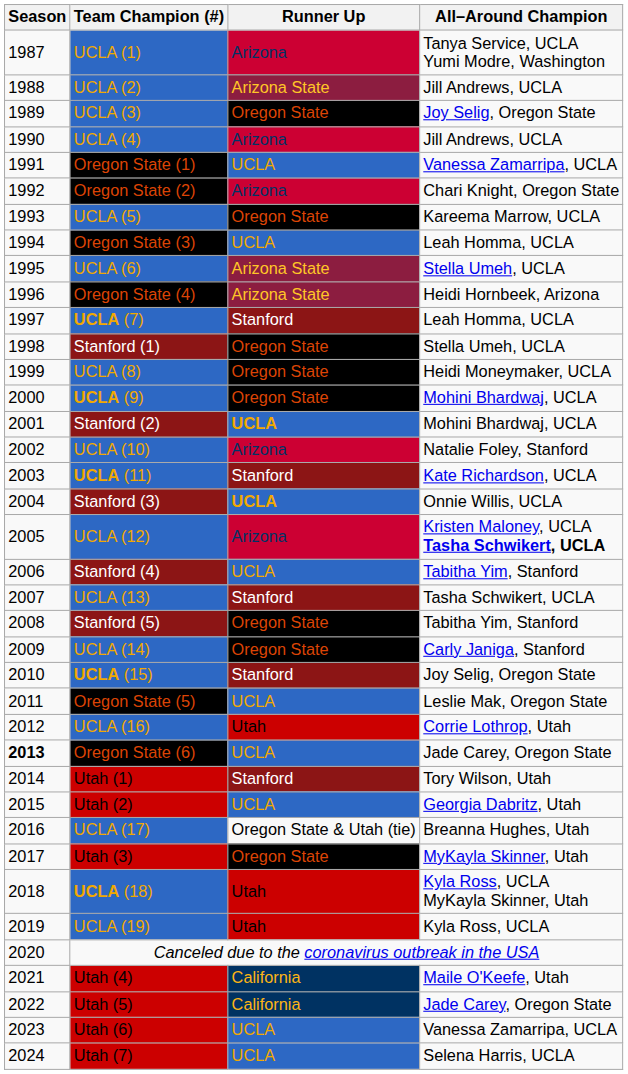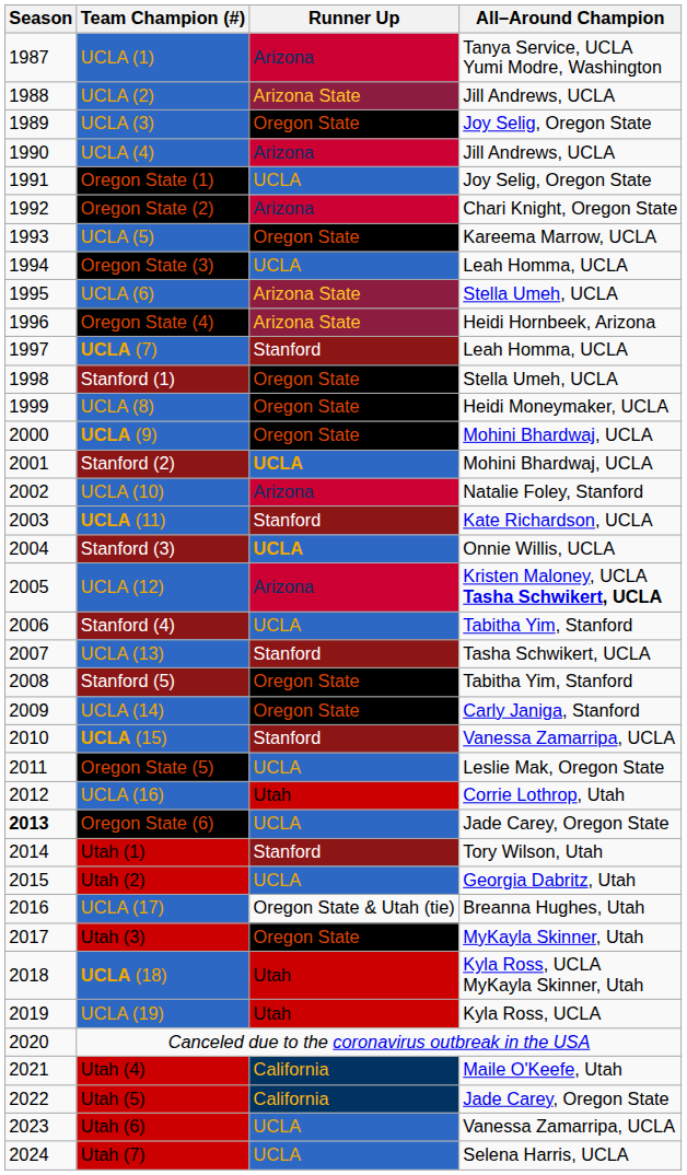 <table class="wikitable">
 <tr>
 <th>Season</th>
 <th>Team Champion (#)</th>
 <th>Runner Up</th>
 <th>All–Around Champion</th>
 </tr>
 <tr>
 <td>1987</td>
 <td style="background:#2D68C4; color:#F2A900;">UCLA (1)</td>
 <td style="background:#CC0033; color:#003366;">Arizona</td>
 <td>Tanya Service, UCLA<br>Yumi Modre, Washington</td>
 </tr>
 <tr>
 <td>1988</td>
 <td style="background:#2D68C4; color:#F2A900;">UCLA (2)</td>
 <td style="background:#8C1D40; color:#FFC627;">Arizona State</td>
 <td>Jill Andrews, UCLA</td>
 </tr>
 <tr>
 <td>1989</td>
 <td style="background:#2D68C4; color:#F2A900;">UCLA (3)</td>
 <td style="background:#000000; color:#DC4405;">Oregon State</td>
 <td><a href='#'>Joy Selig</a>, Oregon State</td>
 </tr>
 <tr>
 <td>1990</td>
 <td style="background:#2D68C4; color:#F2A900;">UCLA (4)</td>
 <td style="background:#CC0033; color:#003366;">Arizona</td>
 <td>Jill Andrews, UCLA</td>
 </tr>
 <tr>
 <td>1991</td>
 <td style="background:#000000; color:#DC4405;">Oregon State (1)</td>
 <td style="background:#2D68C4; color:#F2A900;">UCLA</td>
-<td><a href='#'>Vanessa Zamarripa</a>, UCLA</td>
+<td>Joy Selig, Oregon State</td>
 </tr>
 <tr>
 <td>1992</td>
 <td style="background:#000000; color:#DC4405;">Oregon State (2)</td>
 <td style="background:#CC0033; color:#003366;">Arizona</td>
 <td>Chari Knight, Oregon State</td>
 </tr>
 <tr>
 <td>1993</td>
 <td style="background:#2D68C4; color:#F2A900;">UCLA (5)</td>
 <td style="background:#000000; color:#DC4405;">Oregon State</td>
 <td>Kareema Marrow, UCLA</td>
 </tr>
 <tr>
 <td>1994</td>
 <td style="background:#000000; color:#DC4405;">Oregon State (3)</td>
 <td style="background:#2D68C4; color:#F2A900;">UCLA</td>
 <td>Leah Homma, UCLA</td>
 </tr>
 <tr>
 <td>1995</td>
 <td style="background:#2D68C4; color:#F2A900;">UCLA (6)</td>
 <td style="background:#8C1D40; color:#FFC627;">Arizona State</td>
 <td><a href='#'>Stella Umeh</a>, UCLA</td>
 </tr>
 <tr>
 <td>1996</td>
 <td style="background:#000000; color:#DC4405;">Oregon State (4)</td>
 <td style="background:#8C1D40; color:#FFC627;">Arizona State</td>
 <td>Heidi Hornbeek, Arizona</td>
 </tr>
 <tr>
 <td>1997</td>
 <td style="background:#2D68C4; color:#F2A900;"><strong>UCLA</strong> (7)</td>
 <td style="background:#8C1515; color:#FFFFFF;">Stanford</td>
 <td>Leah Homma, UCLA</td>
 </tr>
 <tr>
 <td>1998</td>
 <td style="background:#8C1515; color:#FFFFFF;">Stanford (1)</td>
 <td style="background:#000000; color:#DC4405;">Oregon State</td>
 <td>Stella Umeh, UCLA</td>
 </tr>
 <tr>
 <td>1999</td>
 <td style="background:#2D68C4; color:#F2A900;">UCLA (8)</td>
 <td style="background:#000000; color:#DC4405;">Oregon State</td>
 <td>Heidi Moneymaker, UCLA</td>
 </tr>
 <tr>
 <td>2000</td>
 <td style="background:#2D68C4; color:#F2A900;"><strong>UCLA</strong> (9)</td>
 <td style="background:#000000; color:#DC4405;">Oregon State</td>
 <td><a href='#'>Mohini Bhardwaj</a>, UCLA</td>
 </tr>
 <tr>
 <td>2001</td>
 <td style="background:#8C1515; color:#FFFFFF;">Stanford (2)</td>
 <td style="background:#2D68C4; color:#F2A900;"><strong>UCLA</strong></td>
 <td>Mohini Bhardwaj, UCLA</td>
 </tr>
 <tr>
 <td>2002</td>
 <td style="background:#2D68C4; color:#F2A900;">UCLA (10)</td>
 <td style="background:#CC0033; color:#003366;">Arizona</td>
 <td>Natalie Foley, Stanford</td>
 </tr>
 <tr>
 <td>2003</td>
 <td style="background:#2D68C4; color:#F2A900;"><strong>UCLA</strong> (11)</td>
 <td style="background:#8C1515; color:#FFFFFF;">Stanford</td>
 <td><a href='#'>Kate Richardson</a>, UCLA</td>
 </tr>
 <tr>
 <td>2004</td>
 <td style="background:#8C1515; color:#FFFFFF;">Stanford (3)</td>
 <td style="background:#2D68C4; color:#F2A900;"><strong>UCLA</strong></td>
 <td>Onnie Willis, UCLA</td>
 </tr>
 <tr>
 <td>2005</td>
 <td style="background:#2D68C4; color:#F2A900;">UCLA (12)</td>
 <td style="background:#CC0033; color:#003366;">Arizona</td>
 <td><a href='#'>Kristen Maloney</a>, UCLA<br><strong><a href='#'>Tasha Schwikert</a>, UCLA</strong></td>
 </tr>
 <tr>
 <td>2006</td>
 <td style="background:#8C1515; color:#FFFFFF;">Stanford (4)</td>
 <td style="background:#2D68C4; color:#F2A900;">UCLA</td>
 <td><a href='#'>Tabitha Yim</a>, Stanford</td>
 </tr>
 <tr>
 <td>2007</td>
 <td style="background:#2D68C4; color:#F2A900;">UCLA (13)</td>
 <td style="background:#8C1515; color:#FFFFFF;">Stanford</td>
 <td>Tasha Schwikert, UCLA</td>
 </tr>
 <tr>
 <td>2008</td>
 <td style="background:#8C1515; color:#FFFFFF;">Stanford (5)</td>
 <td style="background:#000000; color:#DC4405;">Oregon State</td>
 <td>Tabitha Yim, Stanford</td>
 </tr>
 <tr>
 <td>2009</td>
 <td style="background:#2D68C4; color:#F2A900;">UCLA (14)</td>
 <td style="background:#000000; color:#DC4405;">Oregon State</td>
 <td><a href='#'>Carly Janiga</a>, Stanford</td>
 </tr>
 <tr>
 <td>2010</td>
 <td style="background:#2D68C4; color:#F2A900;"><strong>UCLA</strong> (15)</td>
 <td style="background:#8C1515; color:#FFFFFF;">Stanford</td>
-<td>Joy Selig, Oregon State</td>
+<td><a href='#'>Vanessa Zamarripa</a>, UCLA</td>
 </tr>
 <tr>
 <td>2011</td>
 <td style="background:#000000; color:#DC4405;">Oregon State (5)</td>
 <td style="background:#2D68C4; color:#F2A900;">UCLA</td>
 <td>Leslie Mak, Oregon State</td>
 </tr>
 <tr>
 <td>2012</td>
 <td style="background:#2D68C4; color:#F2A900;">UCLA (16)</td>
 <td style="background:#CC0000; color:#000000;">Utah</td>
 <td><a href='#'>Corrie Lothrop</a>, Utah</td>
 </tr>
 <tr>
 <td><strong>2013</strong></td>
 <td style="background:#000000; color:#DC4405;">Oregon State (6)</td>
 <td style="background:#2D68C4; color:#F2A900;">UCLA</td>
 <td>Jade Carey, Oregon State</td>
 </tr>
 <tr>
 <td>2014</td>
 <td style="background:#CC0000; color:#000000;">Utah (1)</td>
 <td style="background:#8C1515; color:#FFFFFF;">Stanford</td>
 <td>Tory Wilson, Utah</td>
 </tr>
 <tr>
 <td>2015</td>
 <td style="background:#CC0000; color:#000000;">Utah (2)</td>
 <td style="background:#2D68C4; color:#F2A900;">UCLA</td>
 <td><a href='#'>Georgia Dabritz</a>, Utah</td>
 </tr>
 <tr>
 <td>2016</td>
 <td style="background:#2D68C4; color:#F2A900;">UCLA (17)</td>
 <td>Oregon State & Utah (tie)</td>
 <td>Breanna Hughes, Utah</td>
 </tr>
 <tr>
 <td>2017</td>
 <td style="background:#CC0000; color:#000000;">Utah (3)</td>
 <td style="background:#000000; color:#DC4405;">Oregon State</td>
 <td><a href='#'>MyKayla Skinner</a>, Utah</td>
 </tr>
 <tr>
 <td>2018</td>
 <td style="background:#2D68C4; color:#F2A900;"><strong>UCLA</strong> (18)</td>
 <td style="background:#CC0000; color:#000000;">Utah</td>
 <td><a href='#'>Kyla Ross</a>, UCLA<br> MyKayla Skinner, Utah</td>
 </tr>
 <tr>
 <td>2019</td>
 <td style="background:#2D68C4; color:#F2A900;">UCLA (19)</td>
 <td style="background:#CC0000; color:#000000;">Utah</td>
 <td>Kyla Ross, UCLA</td>
 </tr>
 <tr>
 <td>2020</td>
 <td colspan="3" align=center><em>Canceled due to the <a href='#'>coronavirus outbreak in the USA</a></em> </td>
 </tr>
 <tr>
 <td>2021</td>
 <td style="background:#CC0000; color:#000000;">Utah (4)</td>
 <td style="background:#003262; color:#FDB515;">California</td>
 <td><a href='#'>Maile O'Keefe</a>, Utah</td>
 </tr>
 <tr>
 <td>2022</td>
 <td style="background:#CC0000; color:#000000;">Utah (5)</td>
 <td style="background:#003262; color:#FDB515;">California</td>
 <td><a href='#'>Jade Carey</a>, Oregon State</td>
 </tr>
 <tr>
 <td>2023</td>
 <td style="background:#CC0000; color:#000000;">Utah (6)</td>
 <td style="background:#2D68C4; color:#F2A900;">UCLA</td>
 <td>Vanessa Zamarripa, UCLA</td>
 </tr>
 <tr>
 <td>2024</td>
 <td style="background:#CC0000; color:#000000;">Utah (7)</td>
 <td style="background:#2D68C4; color:#F2A900;">UCLA</td>
 <td>Selena Harris, UCLA</td>
 </tr>
 </table>
